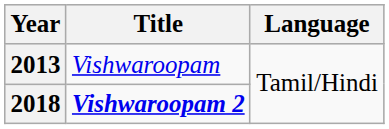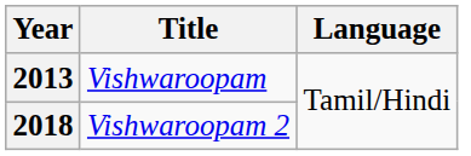 <table class="wikitable plainrowheaders sortable">
 <tr>
 <th scope="col">Year</th>
 <th scope="col">Title</th>
 <th scope="col">Language</th>
 </tr>
 <tr>
 <th scope="row">2013</th>
 <td><em><a href='#'>Vishwaroopam</a></em></td>
 <td rowspan="2">Tamil/Hindi</td>
 </tr>
 <tr>
 <th scope="row">2018</th>
-<td><strong><em><a href='#'>Vishwaroopam 2</a></em></strong></td>
+<td><em><a href='#'>Vishwaroopam 2</a></em></td>
 </tr>
 </table>
